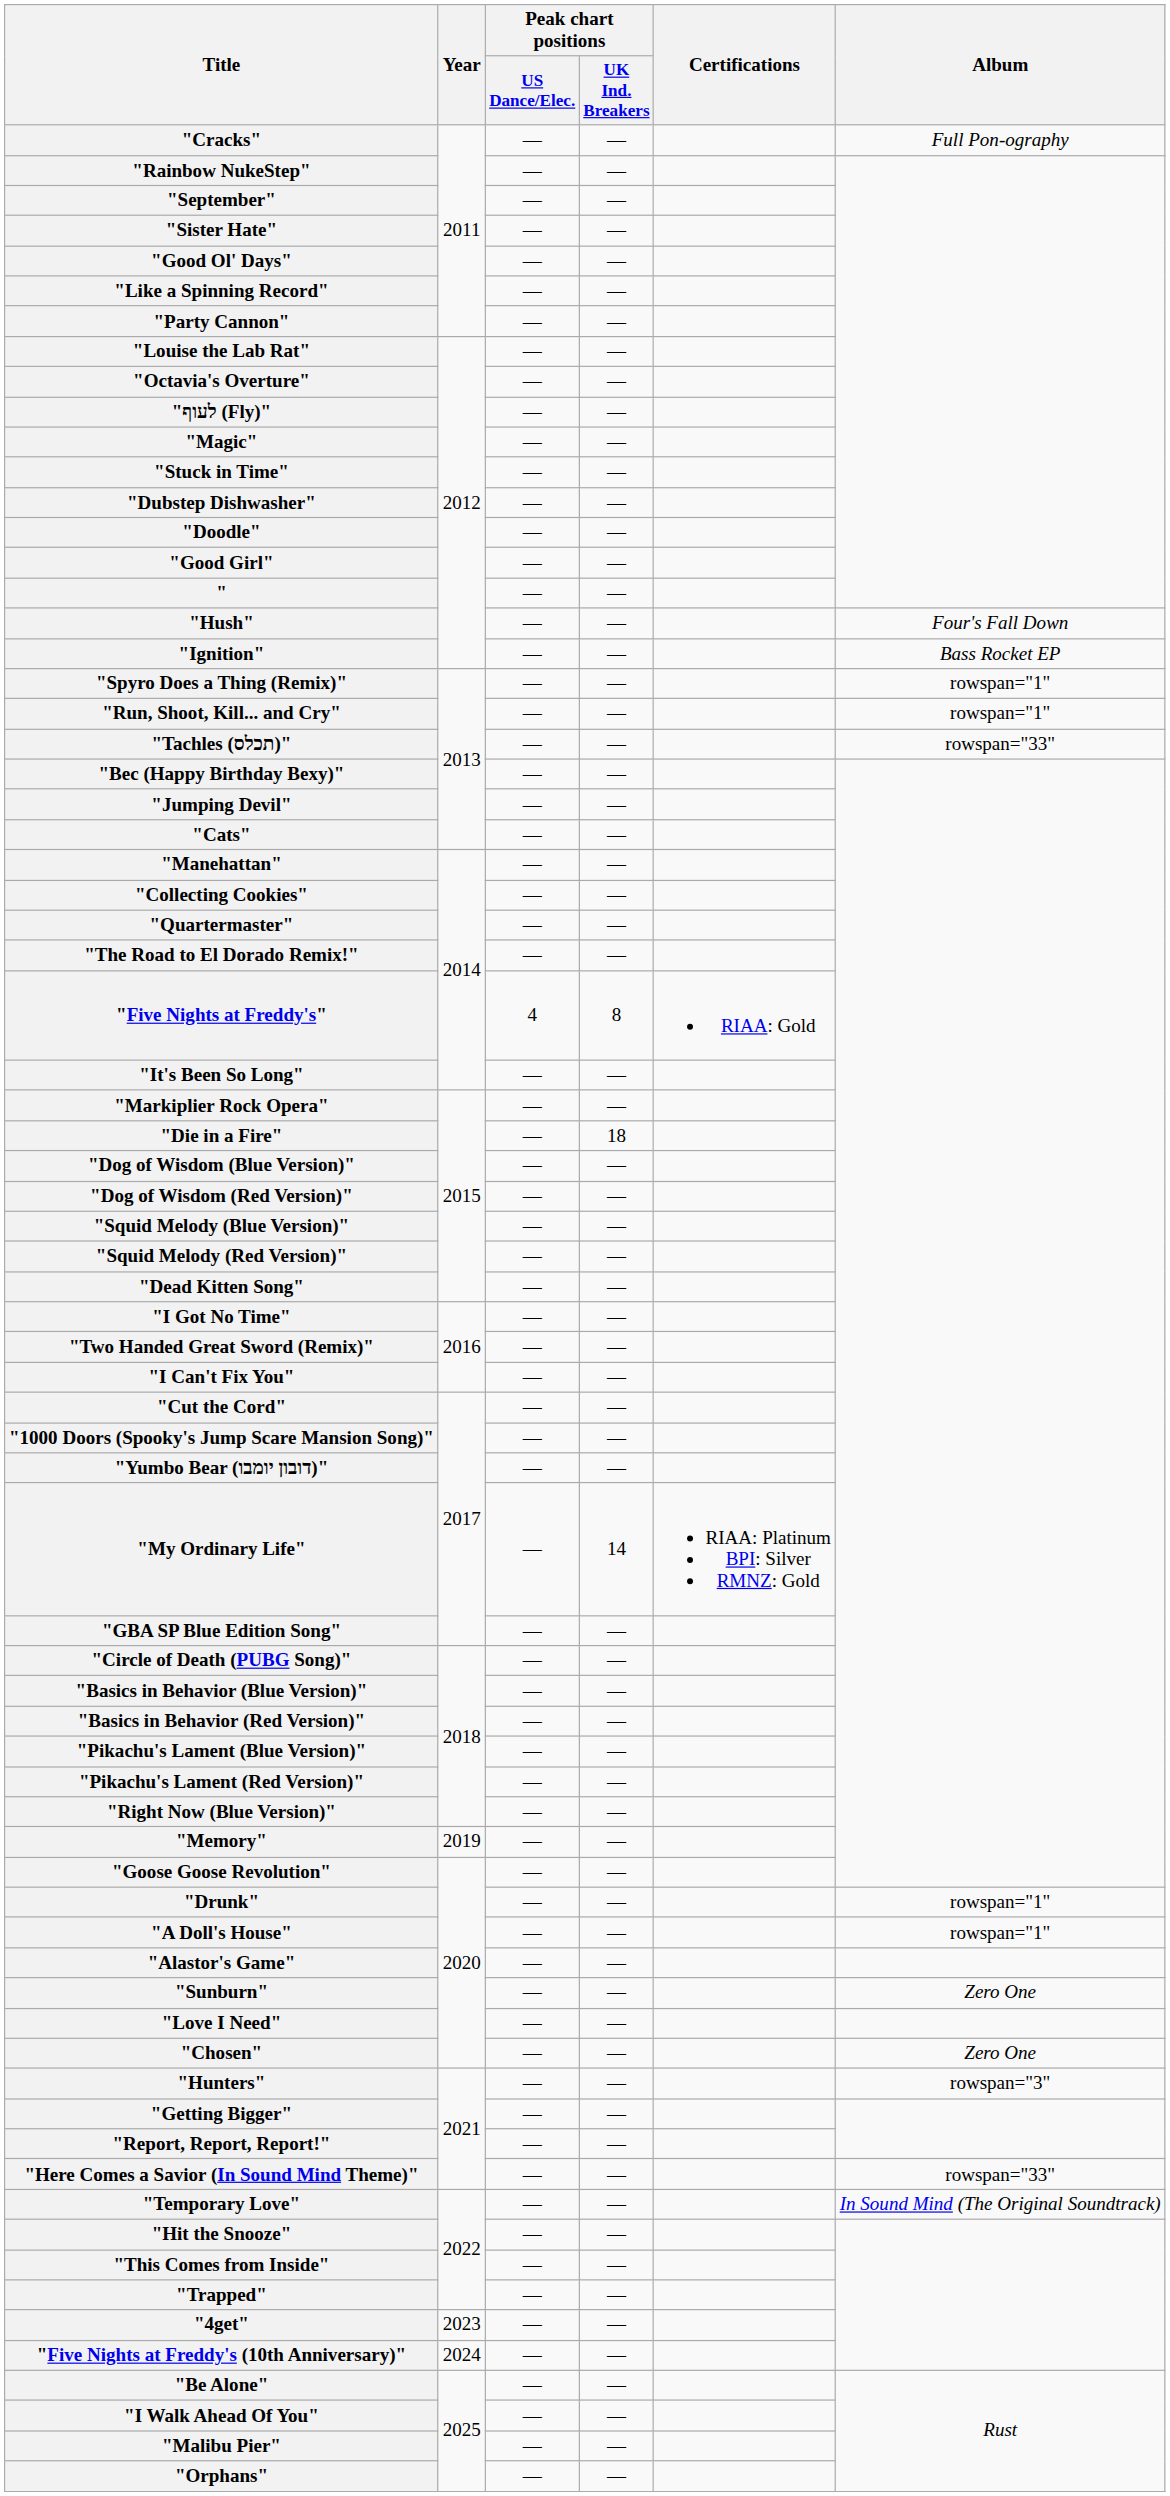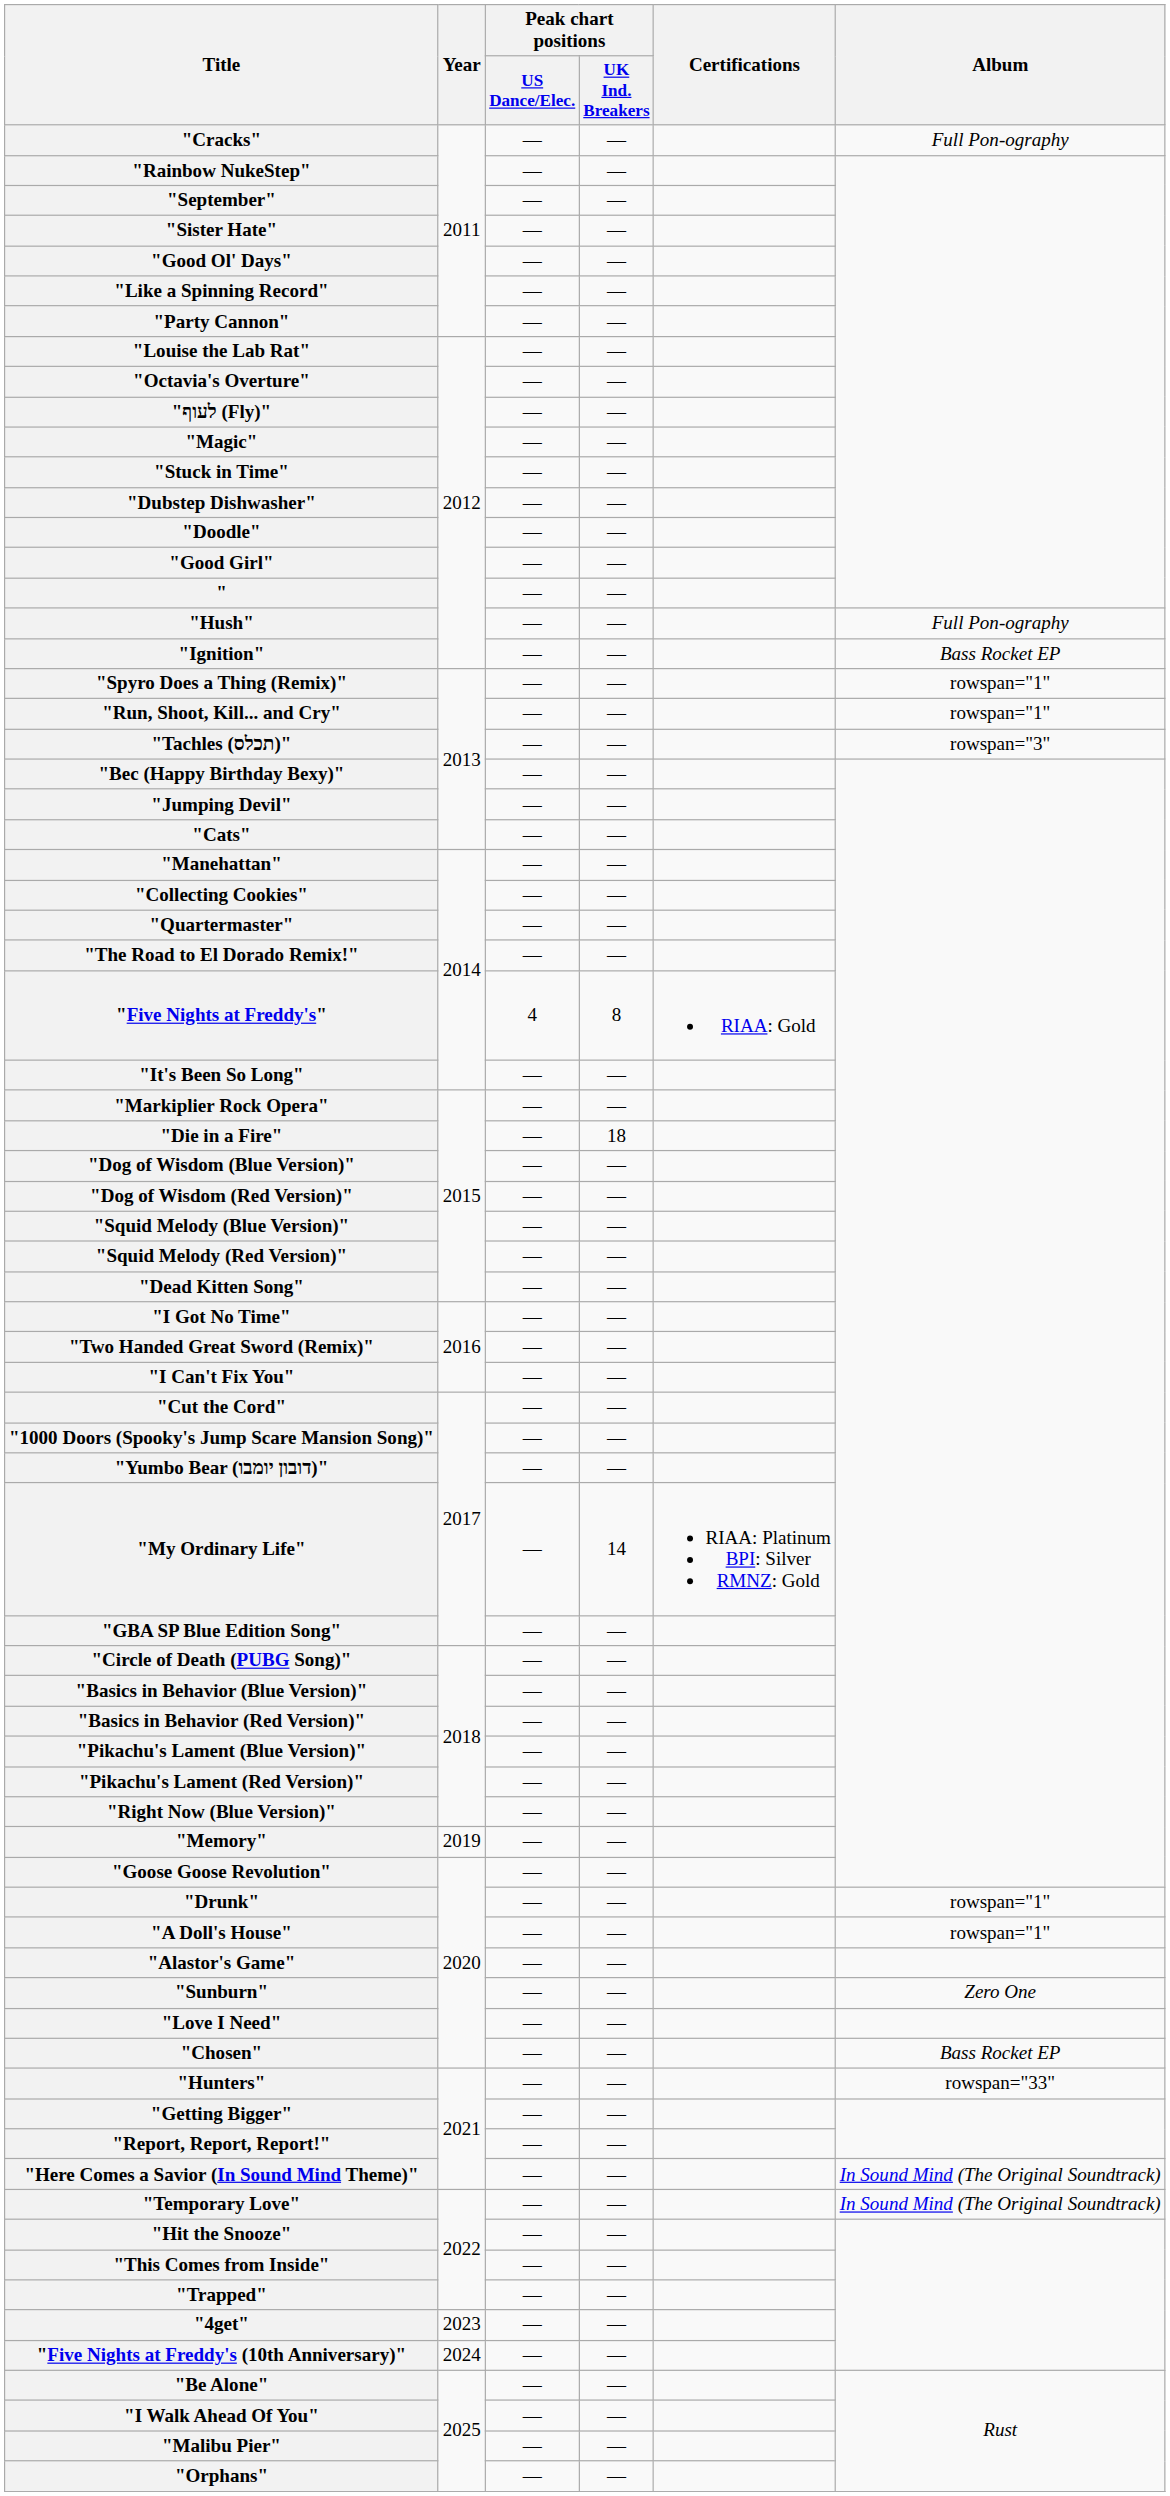 <table class="wikitable plainrowheaders" style="text-align:center;" border="1">
 <tr>
 <th scope="col" rowspan="2">Title<br></th>
 <th scope="col" rowspan="2">Year</th>
 <th scope="col" colspan="2">Peak chart positions</th>
 <th scope="col" rowspan="2">Certifications</th>
 <th scope="col" rowspan="2">Album</th>
 </tr>
 <tr>
 <th scope="col" style="width:3em;font-size:90%"><a href='#'>US<br>Dance/Elec.</a><br></th>
 <th scope="col" style="width:3em;font-size:90%"><a href='#'>UK<br>Ind.<br>Breakers</a><br></th>
 </tr>
 <tr>
 <th scope="row">"Cracks"</th>
 <td rowspan="7">2011</td>
 <td>—</td>
 <td>—</td>
 <td></td>
 <td><em>Full Pon-ography</em></td>
 </tr>
 <tr>
 <th scope="row">"Rainbow NukeStep"</th>
 <td>—</td>
 <td>—</td>
 <td></td>
 </tr>
 <tr>
 <th scope="row">"September"<br></th>
 <td>—</td>
 <td>—</td>
 <td></td>
 </tr>
 <tr>
 <th scope="row">"Sister Hate"<br></th>
 <td>—</td>
 <td>—</td>
 <td></td>
 </tr>
 <tr>
 <th scope="row">"Good Ol' Days"<br></th>
 <td>—</td>
 <td>—</td>
 <td></td>
 </tr>
 <tr>
 <th scope="row">"Like a Spinning Record"</th>
 <td>—</td>
 <td>—</td>
 <td></td>
 </tr>
 <tr>
 <th scope="row">"Party Cannon"</th>
 <td>—</td>
 <td>—</td>
 <td></td>
 </tr>
 <tr>
 <th scope="row">"Louise the Lab Rat"</th>
 <td rowspan="11">2012</td>
 <td>—</td>
 <td>—</td>
 <td></td>
 </tr>
 <tr>
 <th scope="row">"Octavia's Overture"</th>
 <td>—</td>
 <td>—</td>
 <td></td>
 </tr>
 <tr>
 <th scope="row">"לעוף (Fly)"</th>
 <td>—</td>
 <td>—</td>
 <td></td>
 </tr>
 <tr>
 <th scope="row">"Magic"<br></th>
 <td>—</td>
 <td>—</td>
 <td></td>
 </tr>
 <tr>
 <th scope="row">"Stuck in Time"<br></th>
 <td>—</td>
 <td>—</td>
 <td></td>
 </tr>
 <tr>
 <th scope="row">"Dubstep Dishwasher"</th>
 <td>—</td>
 <td>—</td>
 <td></td>
 </tr>
 <tr>
 <th scope="row">"Doodle"<br></th>
 <td>—</td>
 <td>—</td>
 <td></td>
 </tr>
 <tr>
 <th scope="row">"Good Girl"<br></th>
 <td>—</td>
 <td>—</td>
 <td></td>
 </tr>
 <tr>
 <th scope="row">"<br></th>
 <td>—</td>
 <td>—</td>
 <td></td>
 </tr>
 <tr>
 <th scope="row">"Hush"<br></th>
 <td>—</td>
 <td>—</td>
 <td></td>
-<td><em>Four's Fall Down</em></td>
+<td><em>Full Pon-ography</em></td>
 </tr>
 <tr>
 <th scope="row">"Ignition"<br></th>
 <td>—</td>
 <td>—</td>
 <td></td>
 <td><em>Bass Rocket EP</em></td>
 </tr>
 <tr>
 <th scope="row">"Spyro Does a Thing (Remix)"</th>
 <td rowspan="6">2013</td>
 <td>—</td>
 <td>—</td>
 <td></td>
 <td>rowspan="1" </td>
 </tr>
 <tr>
 <th scope="row">"Run, Shoot, Kill... and Cry"</th>
 <td>—</td>
 <td>—</td>
 <td></td>
 <td>rowspan="1" </td>
 </tr>
 <tr>
 <th scope="row">"Tachles (תכלס)"</th>
 <td>—</td>
 <td>—</td>
 <td></td>
-<td>rowspan="33" </td>
+<td>rowspan="3" </td>
 </tr>
 <tr>
 <th scope="row">"Bec (Happy Birthday Bexy)"</th>
 <td>—</td>
 <td>—</td>
 <td></td>
 </tr>
 <tr>
 <th scope="row">"Jumping Devil"</th>
 <td>—</td>
 <td>—</td>
 <td></td>
 </tr>
 <tr>
 <th scope="row">"Cats"</th>
 <td>—</td>
 <td>—</td>
 <td></td>
 </tr>
 <tr>
 <th scope="row">"Manehattan"<br></th>
 <td rowspan="6">2014</td>
 <td>—</td>
 <td>—</td>
 <td></td>
 </tr>
 <tr>
 <th scope="row">"Collecting Cookies"<br></th>
 <td>—</td>
 <td>—</td>
 <td></td>
 </tr>
 <tr>
 <th scope="row">"Quartermaster"<br></th>
 <td>—</td>
 <td>—</td>
 <td></td>
 </tr>
 <tr>
 <th scope="row">"The Road to El Dorado Remix!"</th>
 <td>—</td>
 <td>—</td>
 <td></td>
 </tr>
 <tr>
 <th scope="row">"<a href='#'>Five Nights at Freddy's</a>"</th>
 <td>4</td>
 <td>8</td>
 <td><br><ul><li><a href='#'>RIAA</a>: Gold</li></ul></td>
 </tr>
 <tr>
 <th scope="row">"It's Been So Long"</th>
 <td>—</td>
 <td>—</td>
 <td></td>
 </tr>
 <tr>
 <th scope="row">"Markiplier Rock Opera"<br></th>
 <td rowspan="7">2015</td>
 <td>—</td>
 <td>—</td>
 <td></td>
 </tr>
 <tr>
 <th scope="row">"Die in a Fire"<br></th>
 <td>—</td>
 <td>18</td>
 <td></td>
 </tr>
 <tr>
 <th scope="row">"Dog of Wisdom (Blue Version)"<br></th>
 <td>—</td>
 <td>—</td>
 <td></td>
 </tr>
 <tr>
 <th scope="row">"Dog of Wisdom (Red Version)"<br></th>
 <td>—</td>
 <td>—</td>
 <td></td>
 </tr>
 <tr>
 <th scope="row">"Squid Melody (Blue Version)"</th>
 <td>—</td>
 <td>—</td>
 <td></td>
 </tr>
 <tr>
 <th scope="row">"Squid Melody (Red Version)"</th>
 <td>—</td>
 <td>—</td>
 <td></td>
 </tr>
 <tr>
 <th scope="row">"Dead Kitten Song"</th>
 <td>—</td>
 <td>—</td>
 <td></td>
 </tr>
 <tr>
 <th scope="row">"I Got No Time"</th>
 <td rowspan="3">2016</td>
 <td>—</td>
 <td>—</td>
 <td></td>
 </tr>
 <tr>
 <th scope="row">"Two Handed Great Sword (Remix)"</th>
 <td>—</td>
 <td>—</td>
 <td></td>
 </tr>
 <tr>
 <th scope="row">"I Can't Fix You"<br></th>
 <td>—</td>
 <td>—</td>
 <td></td>
 </tr>
 <tr>
 <th scope="row">"Cut the Cord"<br></th>
 <td rowspan="5">2017</td>
 <td>—</td>
 <td>—</td>
 <td></td>
 </tr>
 <tr>
 <th scope="row">"1000 Doors (Spooky's Jump Scare Mansion Song)"<br></th>
 <td>—</td>
 <td>—</td>
 <td></td>
 </tr>
 <tr>
 <th scope="row">"Yumbo Bear (דובון יומבו)"</th>
 <td>—</td>
 <td>—</td>
 <td></td>
 </tr>
 <tr>
 <th scope="row">"My Ordinary Life"</th>
 <td>—</td>
 <td>14</td>
 <td><br><ul><li>RIAA: Platinum</li><li><a href='#'>BPI</a>: Silver</li><li><a href='#'>RMNZ</a>: Gold</li></ul></td>
 </tr>
 <tr>
 <th scope="row">"GBA SP Blue Edition Song"</th>
 <td>—</td>
 <td>—</td>
 <td></td>
 </tr>
 <tr>
 <th scope="row">"Circle of Death (<a href='#'>PUBG</a> Song)"<br></th>
 <td rowspan="6">2018</td>
 <td>—</td>
 <td>—</td>
 <td></td>
 </tr>
 <tr>
 <th scope="row">"Basics in Behavior (Blue Version)"<br></th>
 <td>—</td>
 <td>—</td>
 <td></td>
 </tr>
 <tr>
 <th scope="row">"Basics in Behavior (Red Version)"<br></th>
 <td>—</td>
 <td>—</td>
 <td></td>
 </tr>
 <tr>
 <th scope="row">"Pikachu's Lament (Blue Version)"<br></th>
 <td>—</td>
 <td>—</td>
 <td></td>
 </tr>
 <tr>
 <th scope="row">"Pikachu's Lament (Red Version)"<br></th>
 <td>—</td>
 <td>—</td>
 <td></td>
 </tr>
 <tr>
 <th scope="row">"Right Now (Blue Version)"<br></th>
 <td>—</td>
 <td>—</td>
 <td></td>
 </tr>
 <tr>
 <th scope="row">"Memory"<br></th>
 <td>2019</td>
 <td>—</td>
 <td>—</td>
 <td></td>
 </tr>
 <tr>
 <th scope="row">"Goose Goose Revolution"</th>
 <td rowspan="7">2020</td>
 <td>—</td>
 <td>—</td>
 <td></td>
 </tr>
 <tr>
 <th scope="row">"Drunk"</th>
 <td>—</td>
 <td>—</td>
 <td></td>
 <td>rowspan="1" </td>
 </tr>
 <tr>
 <th scope="row">"A Doll's House"<br></th>
 <td>—</td>
 <td>—</td>
 <td></td>
 <td>rowspan="1" </td>
 </tr>
 <tr>
 <th scope="row">"Alastor's Game"</th>
 <td>—</td>
 <td>—</td>
 <td></td>
 <td></td>
 </tr>
 <tr>
 <th scope="row">"Sunburn"</th>
 <td>—</td>
 <td>—</td>
 <td></td>
 <td><em>Zero One</em></td>
 </tr>
 <tr>
 <th scope="row">"Love I Need"</th>
 <td>—</td>
 <td>—</td>
 <td></td>
 <td></td>
 </tr>
 <tr>
 <th scope="row">"Chosen"</th>
 <td>—</td>
 <td>—</td>
 <td></td>
-<td><em>Zero One</em></td>
+<td><em>Bass Rocket EP</em></td>
 </tr>
 <tr>
 <th scope="row">"Hunters"<br></th>
 <td rowspan="4">2021</td>
 <td>—</td>
 <td>—</td>
 <td></td>
-<td>rowspan="3" </td>
+<td>rowspan="33" </td>
 </tr>
 <tr>
 <th scope="row">"Getting Bigger"<br></th>
 <td>—</td>
 <td>—</td>
 <td></td>
 </tr>
 <tr>
 <th scope="row">"Report, Report, Report!"<br></th>
 <td>—</td>
 <td>—</td>
 <td></td>
 </tr>
 <tr>
 <th scope="row">"Here Comes a Savior (<a href='#'>In Sound Mind</a> Theme)"<br></th>
 <td>—</td>
 <td>—</td>
 <td></td>
-<td>rowspan="33" </td>
+<td><em><a href='#'>In Sound Mind</a> (The Original Soundtrack)</em></td>
 </tr>
 <tr>
 <th scope="row">"Temporary Love"<br></th>
 <td rowspan="4">2022</td>
 <td>—</td>
 <td>—</td>
 <td></td>
 <td><em><a href='#'>In Sound Mind</a> (The Original Soundtrack)</em></td>
 </tr>
 <tr>
 <th scope="row">"Hit the Snooze"</th>
 <td>—</td>
 <td>—</td>
 <td></td>
 </tr>
 <tr>
 <th scope="row">"This Comes from Inside"</th>
 <td>—</td>
 <td>—</td>
 <td></td>
 </tr>
 <tr>
 <th scope="row">"Trapped"</th>
 <td>—</td>
 <td>—</td>
 <td></td>
 </tr>
 <tr>
 <th scope="row">"4get"<br></th>
 <td>2023</td>
 <td>—</td>
 <td>—</td>
 <td></td>
 </tr>
 <tr>
 <th scope="row">"<a href='#'>Five Nights at Freddy's</a> (10th Anniversary)"<br></th>
 <td>2024</td>
 <td>—</td>
 <td>—</td>
 <td></td>
 </tr>
 <tr>
 <th scope="row">"Be Alone"</th>
 <td rowspan="4">2025</td>
 <td>—</td>
 <td>—</td>
 <td></td>
 <td rowspan="4"><em>Rust</em></td>
 </tr>
 <tr>
 <th scope="row">"I Walk Ahead Of You"</th>
 <td>—</td>
 <td>—</td>
 <td></td>
 </tr>
 <tr>
 <th scope="row">"Malibu Pier"</th>
 <td>—</td>
 <td>—</td>
 <td></td>
 </tr>
 <tr>
 <th scope="row">"Orphans"</th>
 <td>—</td>
 <td>—</td>
 <td></td>
 </tr>
 <tr>
 </tr>
 </table>
